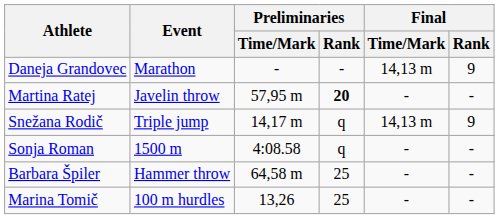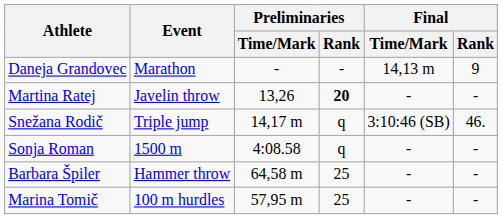 <table class=wikitable style="font-size:90%;">
 <tr>
 <th rowspan=2>Athlete</th>
 <th rowspan=2>Event</th>
 <th colspan=2>Preliminaries</th>
 <th colspan=2>Final</th>
 </tr>
 <tr>
 <th>Time/Mark</th>
 <th>Rank</th>
 <th>Time/Mark</th>
 <th>Rank</th>
 </tr>
 <tr>
 <td><a href='#'>Daneja Grandovec</a></td>
 <td><a href='#'>Marathon</a></td>
 <td align="center">-</td>
 <td align="center">-</td>
 <td align="center">14,13 m</td>
 <td align="center">9</td>
 </tr>
 <tr>
 <td><a href='#'>Martina Ratej</a></td>
 <td><a href='#'>Javelin throw</a></td>
-<td align="center">57,95 m</td>
+<td align="center">13,26</td>
 <td align="center"><strong>20</strong></td>
 <td align="center">-</td>
 <td align="center">-</td>
 </tr>
 <tr>
 <td><a href='#'>Snežana Rodič</a></td>
 <td><a href='#'>Triple jump</a></td>
 <td align="center">14,17 m</td>
 <td align="center">q</td>
-<td align="center">14,13 m</td>
-<td align="center">9</td>
+<td align="center">3:10:46 (SB)</td>
+<td align="center">46.</td>
 </tr>
 <tr>
 <td><a href='#'>Sonja Roman</a></td>
 <td><a href='#'>1500 m</a></td>
 <td align="center">4:08.58</td>
 <td align="center">q</td>
 <td align="center">-</td>
 <td align="center">-</td>
 </tr>
 <tr>
 <td><a href='#'>Barbara Špiler</a></td>
 <td><a href='#'>Hammer throw</a></td>
 <td align="center">64,58 m</td>
 <td align="center">25</td>
 <td align="center">-</td>
 <td align="center">-</td>
 </tr>
 <tr>
 <td><a href='#'>Marina Tomič</a></td>
 <td><a href='#'>100 m hurdles</a></td>
-<td align="center">13,26</td>
+<td align="center">57,95 m</td>
 <td align="center">25</td>
 <td align="center">-</td>
 <td align="center">-</td>
 </tr>
 </table>
